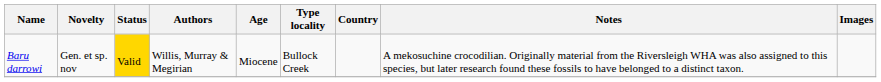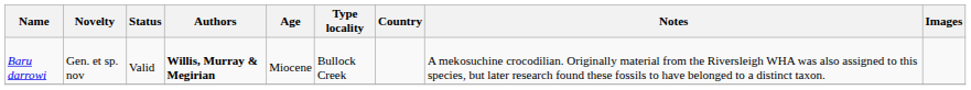 <table class="wikitable sortable" width="100%" align="center">
 <tr>
 <th>Name</th>
 <th>Novelty</th>
 <th>Status</th>
 <th>Authors</th>
 <th>Age</th>
 <th>Type locality</th>
 <th>Country</th>
 <th>Notes</th>
 <th>Images</th>
 </tr>
 <tr>
 <td><br><em><a href='#'>Baru darrowi</a></em></td>
 <td><br>Gen. et sp. nov</td>
-<td style="background: gold;"><br>Valid</td>
-<td><br>Willis, Murray & Megirian</td>
+<td><br>Valid</td>
+<td><strong><br>Willis, Murray & Megirian</strong></td>
 <td><br>Miocene</td>
 <td><br>Bullock Creek</td>
 <td><br></td>
 <td><br>A mekosuchine crocodilian. Originally material from the Riversleigh WHA was also assigned to this species, but later research found these fossils to have belonged to a distinct taxon.</td>
 <td><br></td>
 </tr>
 <tr>
 </tr>
 </table>
